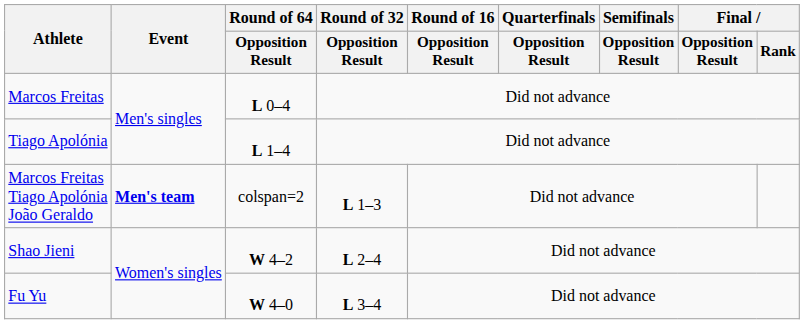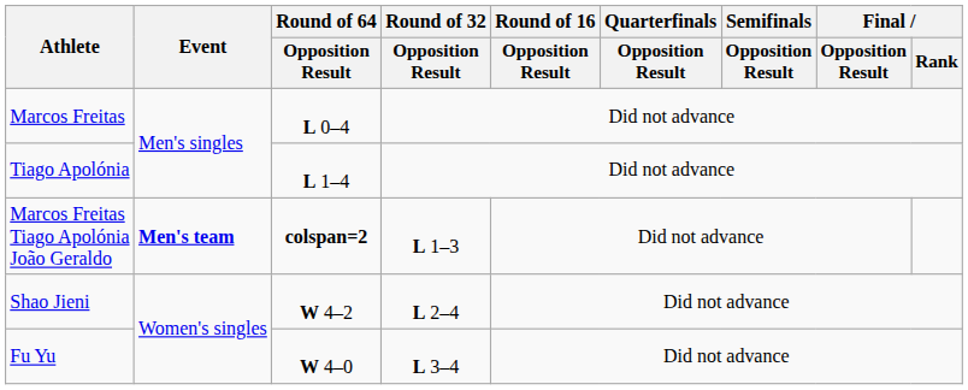 <table class=wikitable style=font-size:90%;text-align:center>
 <tr>
 <th rowspan=2>Athlete</th>
 <th rowspan=2>Event</th>
 <th>Round of 64</th>
 <th>Round of 32</th>
 <th>Round of 16</th>
 <th>Quarterfinals</th>
 <th>Semifinals</th>
 <th colspan=2>Final / </th>
 </tr>
 <tr style=font-size:95%>
 <th>Opposition<br>Result</th>
 <th>Opposition<br>Result</th>
 <th>Opposition<br>Result</th>
 <th>Opposition<br>Result</th>
 <th>Opposition<br>Result</th>
 <th>Opposition<br>Result</th>
 <th>Rank</th>
 </tr>
 <tr>
 <td align=left><a href='#'>Marcos Freitas</a></td>
 <td align=left rowspan=2><a href='#'>Men's singles</a></td>
 <td><br><strong>L</strong> 0–4</td>
 <td colspan=6>Did not advance</td>
 </tr>
 <tr align=center>
 <td align=left><a href='#'>Tiago Apolónia</a></td>
 <td><br><strong>L</strong> 1–4</td>
 <td colspan=6>Did not advance</td>
 </tr>
 <tr>
 <td align=left><a href='#'>Marcos Freitas</a><br><a href='#'>Tiago Apolónia</a><br><a href='#'>João Geraldo</a></td>
 <td align=left><strong><a href='#'>Men's team</a></strong></td>
-<td>colspan=2 </td>
+<td><strong>colspan=2 </strong></td>
 <td><br><strong>L</strong> 1–3</td>
 <td colspan=4>Did not advance</td>
 </tr>
 <tr>
 <td align=left><a href='#'>Shao Jieni</a></td>
 <td align=left rowspan=2><a href='#'>Women's singles</a></td>
 <td><br><strong>W</strong> 4–2</td>
 <td><br><strong>L</strong> 2–4</td>
 <td colspan=5>Did not advance</td>
 </tr>
 <tr align=center>
 <td align=left><a href='#'>Fu Yu</a></td>
 <td><br><strong>W</strong> 4–0</td>
 <td><br><strong>L</strong> 3–4</td>
 <td colspan=5>Did not advance</td>
 </tr>
 </table>
